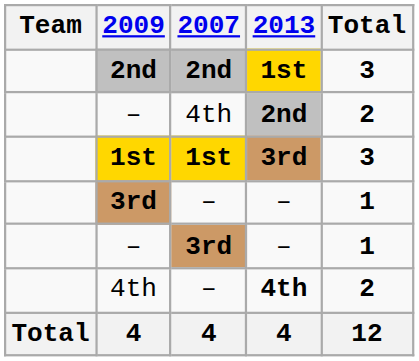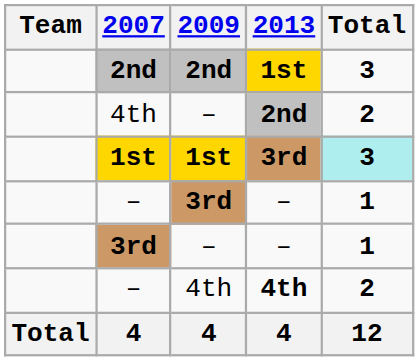 <table class=wikitable style="text-align:center; font-size:90%">
 <tr>
 <th>Team</th>
+<th><a href='#'>2007</a></th>
 <th><a href='#'>2009</a></th>
-<th><a href='#'>2007</a></th>
 <th><a href='#'>2013</a></th>
 <th>Total</th>
 </tr>
 <tr>
 <td align=left></td>
 <td bgcolor=silver><strong>2nd</strong></td>
 <td bgcolor=silver><strong>2nd</strong></td>
 <td bgcolor=gold><strong>1st</strong></td>
 <td><strong>3</strong></td>
 </tr>
 <tr>
 <td align=left></td>
+<td>4th</td>
 <td>–</td>
-<td>4th</td>
 <td bgcolor=silver><strong>2nd</strong></td>
 <td><strong>2</strong></td>
 </tr>
 <tr>
 <td align=left></td>
 <td bgcolor=gold><strong>1st</strong></td>
 <td bgcolor=gold><strong>1st</strong></td>
 <td bgcolor=#cc9966><strong>3rd</strong></td>
-<td><strong>3</strong></td>
+<td style="background: paleturquoise;"><strong>3</strong></td>
+</tr>
+<tr>
+<td align=left></td>
+<td>–</td>
+<td bgcolor=#cc9966><strong>3rd</strong></td>
+<td>–</td>
+<td><strong>1</strong></td>
 </tr>
 <tr>
 <td align=left></td>
 <td bgcolor=#cc9966><strong>3rd</strong></td>
 <td>–</td>
 <td>–</td>
 <td><strong>1</strong></td>
 </tr>
 <tr>
 <td align=left></td>
 <td>–</td>
-<td bgcolor=#cc9966><strong>3rd</strong></td>
-<td>–</td>
-<td><strong>1</strong></td>
-</tr>
-<tr>
-<td align=left></td>
 <td>4th</td>
-<td>–</td>
 <td><strong>4th</strong></td>
 <td><strong>2</strong></td>
 </tr>
 <tr>
 <th>Total</th>
 <th>4</th>
 <th>4</th>
 <th>4</th>
 <th>12</th>
 </tr>
 </table>
